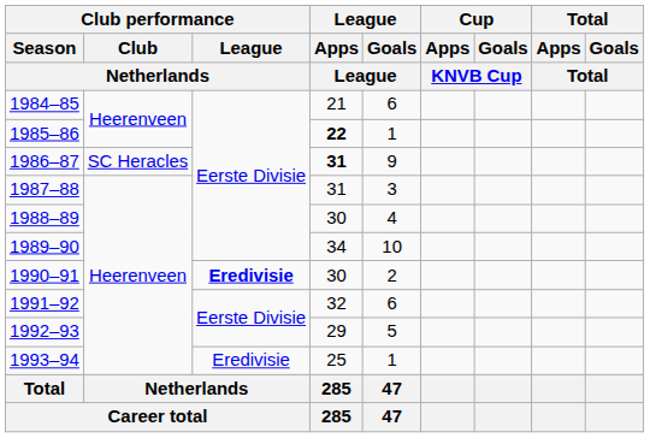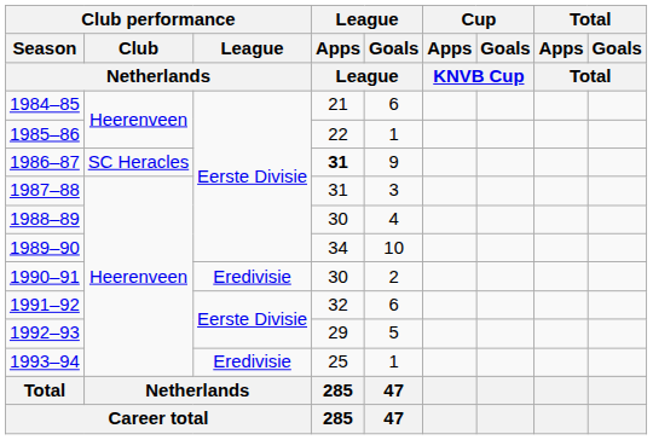 <table class="wikitable" style="text-align:center">
 <tr>
 <th colspan=3>Club performance</th>
 <th colspan=2>League</th>
 <th colspan=2>Cup</th>
 <th colspan=2>Total</th>
 </tr>
 <tr>
 <th>Season</th>
 <th>Club</th>
 <th>League</th>
 <th>Apps</th>
 <th>Goals</th>
 <th>Apps</th>
 <th>Goals</th>
 <th>Apps</th>
 <th>Goals</th>
 </tr>
 <tr>
 <th colspan=3>Netherlands</th>
 <th colspan=2>League</th>
 <th colspan=2><a href='#'>KNVB Cup</a></th>
 <th colspan=2>Total</th>
 </tr>
 <tr>
 <td><a href='#'>1984–85</a></td>
 <td rowspan="2"><a href='#'>Heerenveen</a></td>
 <td rowspan="6"><a href='#'>Eerste Divisie</a></td>
 <td>21</td>
 <td>6</td>
 <td></td>
 <td></td>
 <td></td>
 <td></td>
 </tr>
 <tr>
 <td><a href='#'>1985–86</a></td>
-<td><strong>22</strong></td>
+<td>22</td>
 <td>1</td>
 <td></td>
 <td></td>
 <td></td>
 <td></td>
 </tr>
 <tr>
 <td><a href='#'>1986–87</a></td>
 <td><a href='#'>SC Heracles</a></td>
 <td><strong>31</strong></td>
 <td>9</td>
 <td></td>
 <td></td>
 <td></td>
 <td></td>
 </tr>
 <tr>
 <td><a href='#'>1987–88</a></td>
 <td rowspan="7"><a href='#'>Heerenveen</a></td>
 <td>31</td>
 <td>3</td>
 <td></td>
 <td></td>
 <td></td>
 <td></td>
 </tr>
 <tr>
 <td><a href='#'>1988–89</a></td>
 <td>30</td>
 <td>4</td>
 <td></td>
 <td></td>
 <td></td>
 <td></td>
 </tr>
 <tr>
 <td><a href='#'>1989–90</a></td>
 <td>34</td>
 <td>10</td>
 <td></td>
 <td></td>
 <td></td>
 <td></td>
 </tr>
 <tr>
 <td><a href='#'>1990–91</a></td>
-<td><strong><a href='#'>Eredivisie</a></strong></td>
+<td><a href='#'>Eredivisie</a></td>
 <td>30</td>
 <td>2</td>
 <td></td>
 <td></td>
 <td></td>
 <td></td>
 </tr>
 <tr>
 <td><a href='#'>1991–92</a></td>
 <td rowspan="2"><a href='#'>Eerste Divisie</a></td>
 <td>32</td>
 <td>6</td>
 <td></td>
 <td></td>
 <td></td>
 <td></td>
 </tr>
 <tr>
 <td><a href='#'>1992–93</a></td>
 <td>29</td>
 <td>5</td>
 <td></td>
 <td></td>
 <td></td>
 <td></td>
 </tr>
 <tr>
 <td><a href='#'>1993–94</a></td>
 <td><a href='#'>Eredivisie</a></td>
 <td>25</td>
 <td>1</td>
 <td></td>
 <td></td>
 <td></td>
 <td></td>
 </tr>
 <tr>
 <th rowspan=1>Total</th>
 <th colspan=2>Netherlands</th>
 <th>285</th>
 <th>47</th>
 <th></th>
 <th></th>
 <th></th>
 <th></th>
 </tr>
 <tr>
 <th colspan=3>Career total</th>
 <th>285</th>
 <th>47</th>
 <th></th>
 <th></th>
 <th></th>
 <th></th>
 </tr>
 </table>
